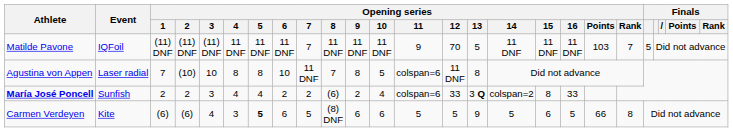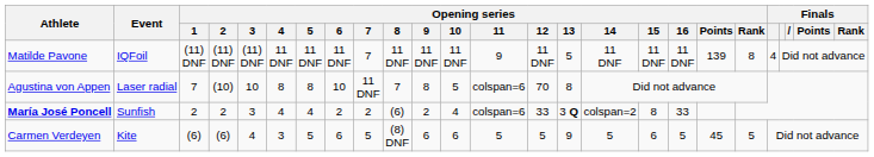 <table class=wikitable style=font-size:90%;text-align:center>
 <tr>
 <th rowspan=2>Athlete</th>
 <th rowspan=2>Event</th>
 <th colspan=18>Opening series</th>
 <th colspan=5>Finals</th>
 </tr>
 <tr style=font-size:95%>
 <th>1</th>
 <th>2</th>
 <th>3</th>
 <th>4</th>
 <th>5</th>
 <th>6</th>
 <th>7</th>
 <th>8</th>
 <th>9</th>
 <th>10</th>
 <th>11</th>
 <th>12</th>
 <th>13</th>
 <th>14</th>
 <th>15</th>
 <th>16</th>
 <th>Points</th>
 <th>Rank</th>
 <th></th>
 <th></th>
 <th> / </th>
 <th>Points</th>
 <th>Rank</th>
 </tr>
 <tr>
 <td style="text-align:left"><a href='#'>Matilde Pavone</a></td>
 <td style="text-align:left"><a href='#'>IQFoil</a></td>
 <td>(11)<br>DNF</td>
 <td>(11)<br>DNF</td>
 <td>(11)<br>DNF</td>
 <td>11<br>DNF</td>
 <td>11<br>DNF</td>
 <td>11<br>DNF</td>
 <td>7</td>
 <td>11<br>DNF</td>
 <td>11<br>DNF</td>
 <td>11<br>DNF</td>
 <td>9</td>
-<td>70</td>
+<td>11<br>DNF</td>
 <td>5</td>
 <td>11<br>DNF</td>
 <td>11<br>DNF</td>
 <td>11<br>DNF</td>
-<td>103</td>
-<td>7</td>
-<td>5</td>
+<td>139</td>
+<td>8</td>
+<td>4</td>
 <td colspan="4">Did not advance</td>
 </tr>
 <tr>
 <td style="text-align:left"><a href='#'>Agustina von Appen</a></td>
 <td style="text-align:left"><a href='#'>Laser radial</a></td>
 <td>7</td>
 <td>(10)</td>
 <td>10</td>
 <td>8</td>
 <td>8</td>
 <td>10</td>
 <td>11<br>DNF</td>
 <td>7</td>
 <td>8</td>
 <td>5</td>
 <td>colspan=6 </td>
-<td>11<br>DNF</td>
+<td>70</td>
 <td>8</td>
 <td colspan="5">Did not advance</td>
 </tr>
 <tr>
 <td style="text-align:left"><strong><a href='#'>María José Poncell</a></strong></td>
 <td style="text-align:left"><a href='#'>Sunfish</a></td>
 <td>2</td>
 <td>2</td>
 <td>3</td>
 <td>4</td>
 <td>4</td>
 <td>2</td>
 <td>2</td>
 <td>(6)</td>
 <td>2</td>
 <td>4</td>
 <td>colspan=6 </td>
 <td>33</td>
 <td>3 <strong>Q</strong></td>
 <td>colspan=2 </td>
 <td>8</td>
 <td>33</td>
 <td></td>
 </tr>
 <tr>
 <td style="text-align:left"><a href='#'>Carmen Verdeyen</a></td>
 <td style="text-align:left"><a href='#'>Kite</a></td>
 <td>(6)</td>
 <td>(6)</td>
 <td>4</td>
 <td>3</td>
-<td><strong>5</strong></td>
+<td>5</td>
 <td>6</td>
 <td>5</td>
 <td>(8)<br>DNF</td>
 <td>6</td>
 <td>6</td>
 <td>5</td>
 <td>5</td>
 <td>9</td>
 <td>5</td>
 <td>6</td>
 <td>5</td>
-<td>66</td>
-<td>8</td>
+<td>45</td>
+<td>5</td>
 <td colspan=5>Did not advance</td>
 </tr>
 </table>
